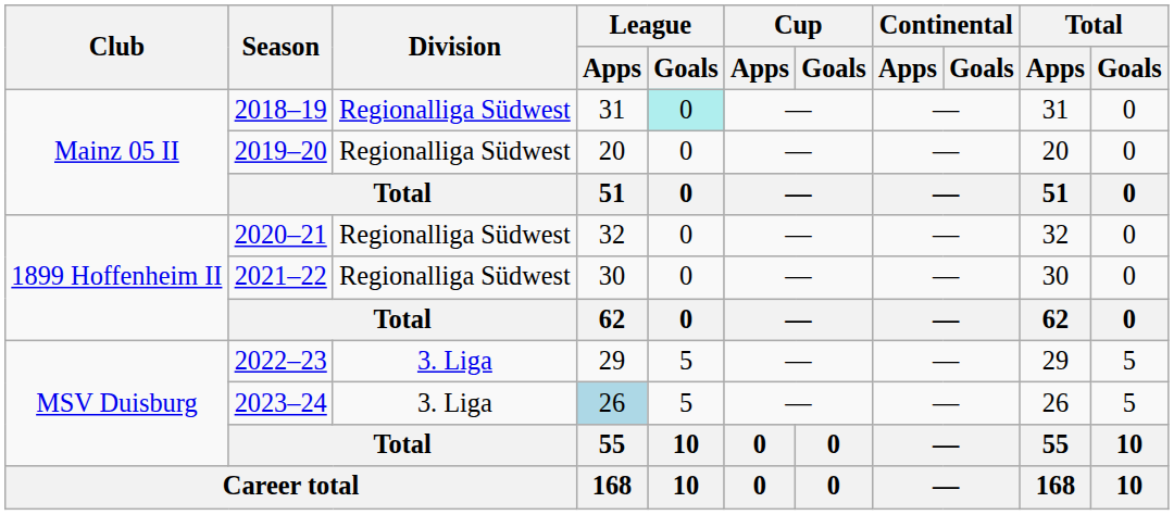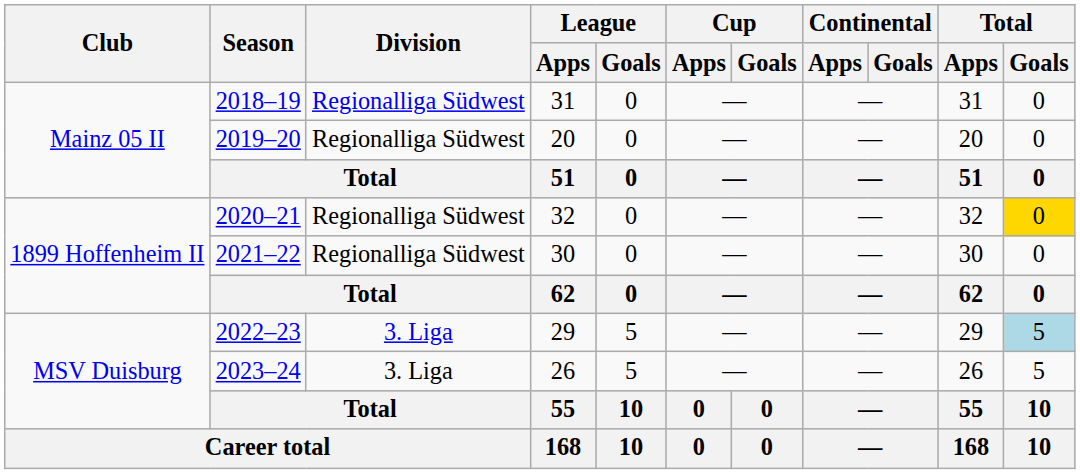 <table class="wikitable" style="text-align:center">
 <tr>
 <th rowspan="2">Club</th>
 <th rowspan="2">Season</th>
 <th rowspan="2">Division</th>
 <th colspan="2">League</th>
 <th colspan="2">Cup</th>
 <th colspan="2">Continental</th>
 <th colspan="2">Total</th>
 </tr>
 <tr>
 <th>Apps</th>
 <th>Goals</th>
 <th>Apps</th>
 <th>Goals</th>
 <th>Apps</th>
 <th>Goals</th>
 <th>Apps</th>
 <th>Goals</th>
 </tr>
 <tr>
 <td rowspan=3><a href='#'>Mainz 05 II</a></td>
 <td><a href='#'>2018–19</a></td>
 <td><a href='#'>Regionalliga Südwest</a></td>
 <td>31</td>
-<td style="background: paleturquoise;">0</td>
+<td>0</td>
 <td colspan="2">—</td>
 <td colspan="2">—</td>
 <td>31</td>
 <td>0</td>
 </tr>
 <tr>
 <td><a href='#'>2019–20</a></td>
 <td>Regionalliga Südwest</td>
 <td>20</td>
 <td>0</td>
 <td colspan="2">—</td>
 <td colspan="2">—</td>
 <td>20</td>
 <td>0</td>
 </tr>
 <tr>
 <th colspan="2">Total</th>
 <th>51</th>
 <th>0</th>
 <th colspan="2">—</th>
 <th colspan="2">—</th>
 <th>51</th>
 <th>0</th>
 </tr>
 <tr>
 <td rowspan=3><a href='#'>1899 Hoffenheim II</a></td>
 <td><a href='#'>2020–21</a></td>
 <td>Regionalliga Südwest</td>
 <td>32</td>
 <td>0</td>
 <td colspan="2">—</td>
 <td colspan="2">—</td>
 <td>32</td>
-<td>0</td>
+<td style="background: gold;">0</td>
 </tr>
 <tr>
 <td><a href='#'>2021–22</a></td>
 <td>Regionalliga Südwest</td>
 <td>30</td>
 <td>0</td>
 <td colspan="2">—</td>
 <td colspan="2">—</td>
 <td>30</td>
 <td>0</td>
 </tr>
 <tr>
 <th colspan="2">Total</th>
 <th>62</th>
 <th>0</th>
 <th colspan="2">—</th>
 <th colspan="2">—</th>
 <th>62</th>
 <th>0</th>
 </tr>
 <tr>
 <td rowspan=3><a href='#'>MSV Duisburg</a></td>
 <td><a href='#'>2022–23</a></td>
 <td><a href='#'>3. Liga</a></td>
 <td>29</td>
 <td>5</td>
 <td colspan="2">—</td>
 <td colspan="2">—</td>
 <td>29</td>
-<td>5</td>
+<td style="background: lightblue;">5</td>
 </tr>
 <tr>
 <td><a href='#'>2023–24</a></td>
 <td>3. Liga</td>
-<td style="background: lightblue;">26</td>
+<td>26</td>
 <td>5</td>
 <td colspan="2">—</td>
 <td colspan="2">—</td>
 <td>26</td>
 <td>5</td>
 </tr>
 <tr>
 <th colspan="2">Total</th>
 <th>55</th>
 <th>10</th>
 <th>0</th>
 <th>0</th>
 <th colspan="2">—</th>
 <th>55</th>
 <th>10</th>
 </tr>
 <tr>
 <th colspan="3">Career total</th>
 <th>168</th>
 <th>10</th>
 <th>0</th>
 <th>0</th>
 <th colspan="2">—</th>
 <th>168</th>
 <th>10</th>
 </tr>
 </table>
